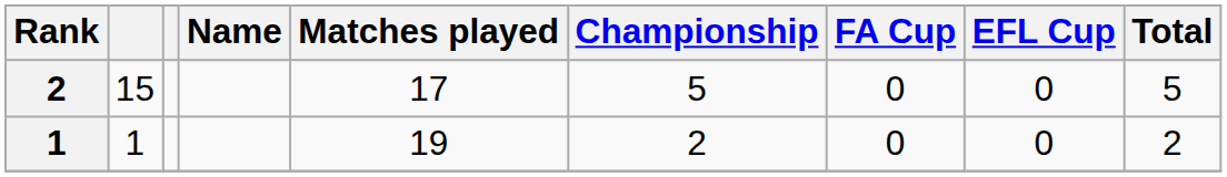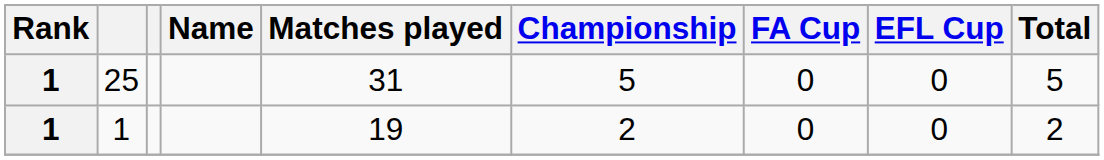 <table class="wikitable" style="text-align:center;">
 <tr>
 <th>Rank</th>
 <th></th>
 <th></th>
 <th>Name</th>
 <th>Matches played</th>
 <th><a href='#'>Championship</a></th>
 <th><a href='#'>FA Cup</a></th>
 <th><a href='#'>EFL Cup</a></th>
 <th>Total</th>
 </tr>
 <tr>
-<th>2</th>
-<td>15</td>
+<th>1</th>
+<td>25</td>
 <td></td>
 <td></td>
-<td>17</td>
+<td>31</td>
 <td>5</td>
 <td>0</td>
 <td>0</td>
 <td>5</td>
 </tr>
 <tr>
 <th>1</th>
 <td>1</td>
 <td></td>
 <td></td>
 <td>19</td>
 <td>2</td>
 <td>0</td>
 <td>0</td>
 <td>2</td>
 </tr>
 <tr>
 </tr>
 </table>
